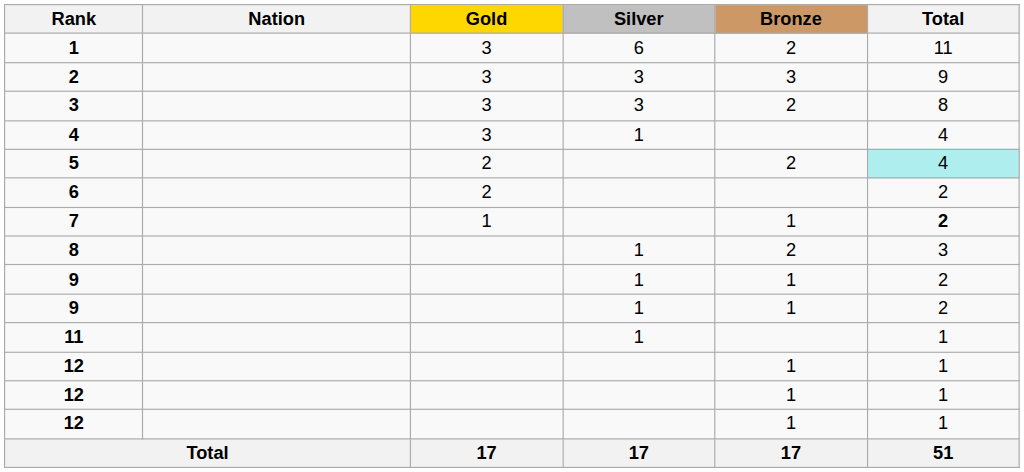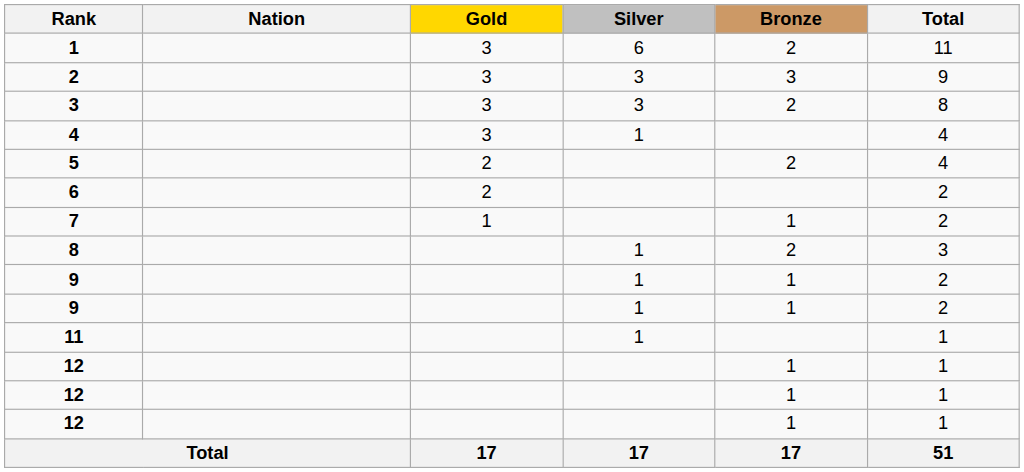 <table class="wikitable collapsible autocollapse plainrowheaders" width=70.5% style="text-align:center;">
 <tr style="background-color:#EDEDED;">
 <th width=100px class="hintergrundfarbe5">Rank</th>
 <th width=200px class="hintergrundfarbe6">Nation</th>
 <th style="background:    gold; width:15%">Gold</th>
 <th style="background:  silver; width:15%">Silver</th>
 <th style="background: #CC9966; width:15%">Bronze</th>
 <th class="hintergrundfarbe6" style="width:15%">Total</th>
 </tr>
 <tr>
 <td><strong>1</strong></td>
 <td align=left></td>
 <td>3</td>
 <td>6</td>
 <td>2</td>
 <td>11</td>
 </tr>
 <tr>
 <td><strong>2</strong></td>
 <td align=left></td>
 <td>3</td>
 <td>3</td>
 <td>3</td>
 <td>9</td>
 </tr>
 <tr>
 <td><strong>3</strong></td>
 <td align=left></td>
 <td>3</td>
 <td>3</td>
 <td>2</td>
 <td>8</td>
 </tr>
 <tr>
 <td><strong>4</strong></td>
 <td align=left></td>
 <td>3</td>
 <td>1</td>
 <td></td>
 <td>4</td>
 </tr>
 <tr>
 <td><strong>5</strong></td>
 <td align=left></td>
 <td>2</td>
 <td></td>
 <td>2</td>
-<td style="background: paleturquoise;">4</td>
+<td>4</td>
 </tr>
 <tr>
 <td><strong>6</strong></td>
 <td align=left></td>
 <td>2</td>
 <td></td>
 <td></td>
 <td>2</td>
 </tr>
 <tr>
 <td><strong>7</strong></td>
 <td align=left></td>
 <td>1</td>
 <td></td>
 <td>1</td>
-<td><strong>2</strong></td>
+<td>2</td>
 </tr>
 <tr>
 <td><strong>8</strong></td>
 <td align=left></td>
 <td></td>
 <td>1</td>
 <td>2</td>
 <td>3</td>
 </tr>
 <tr>
 <td><strong>9</strong></td>
 <td align=left></td>
 <td></td>
 <td>1</td>
 <td>1</td>
 <td>2</td>
 </tr>
 <tr>
 <td><strong>9</strong></td>
 <td align=left></td>
 <td></td>
 <td>1</td>
 <td>1</td>
 <td>2</td>
 </tr>
 <tr>
 <td><strong>11</strong></td>
 <td align=left></td>
 <td></td>
 <td>1</td>
 <td></td>
 <td>1</td>
 </tr>
 <tr>
 <td><strong>12</strong></td>
 <td align=left></td>
 <td></td>
 <td></td>
 <td>1</td>
 <td>1</td>
 </tr>
 <tr>
 <td><strong>12</strong></td>
 <td align=left></td>
 <td></td>
 <td></td>
 <td>1</td>
 <td>1</td>
 </tr>
 <tr>
 <td><strong>12</strong></td>
 <td align=left></td>
 <td></td>
 <td></td>
 <td>1</td>
 <td>1</td>
 </tr>
 <tr>
 <th colspan=2>Total</th>
 <th>17</th>
 <th>17</th>
 <th>17</th>
 <th>51</th>
 </tr>
 </table>
